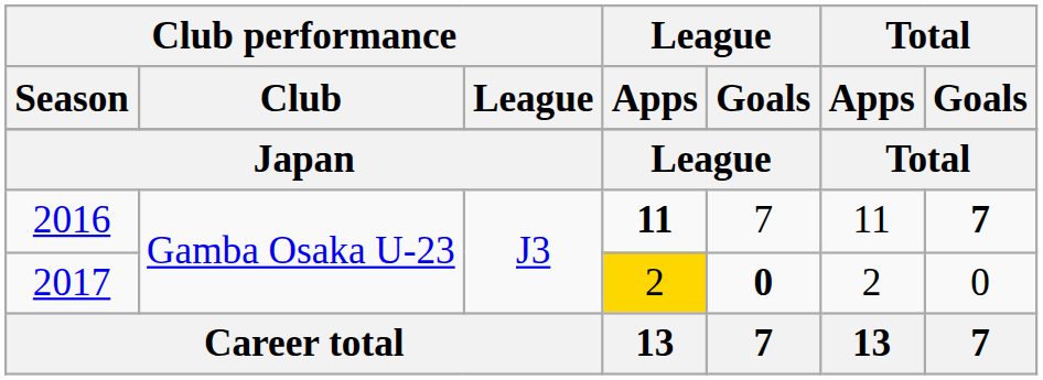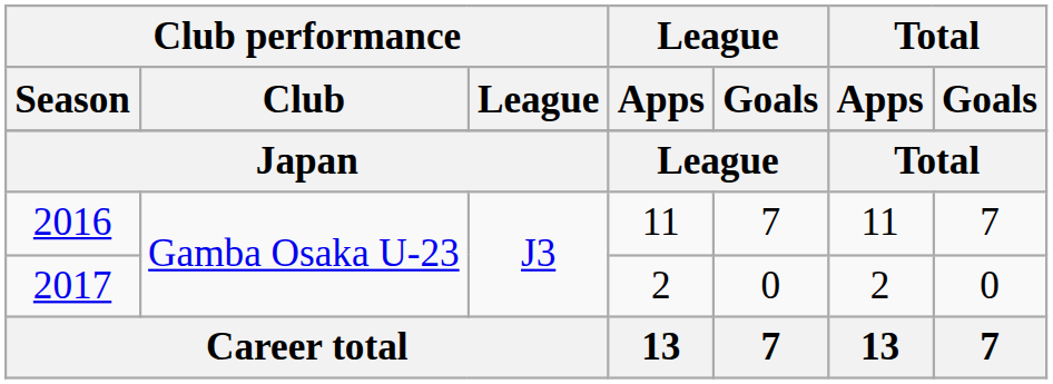 <table class="wikitable" style="text-align:center">
 <tr>
 <th colspan=3>Club performance</th>
 <th colspan=2>League</th>
 <th colspan=2>Total</th>
 </tr>
 <tr>
 <th>Season</th>
 <th>Club</th>
 <th>League</th>
 <th>Apps</th>
 <th>Goals</th>
 <th>Apps</th>
 <th>Goals</th>
 </tr>
 <tr>
 </tr>
 <tr>
 <th colspan=3>Japan</th>
 <th colspan=2>League</th>
 <th colspan=2>Total</th>
 </tr>
 <tr>
 <td><a href='#'>2016</a></td>
 <td rowspan="2"><a href='#'>Gamba Osaka U-23</a></td>
 <td rowspan="2"><a href='#'>J3</a></td>
-<td><strong>11</strong></td>
+<td>11</td>
 <td>7</td>
 <td>11</td>
-<td><strong>7</strong></td>
+<td>7</td>
 </tr>
 <tr>
 <td><a href='#'>2017</a></td>
-<td style="background: gold;">2</td>
-<td><strong>0</strong></td>
+<td>2</td>
+<td>0</td>
 <td>2</td>
 <td>0</td>
 </tr>
 <tr>
 <th colspan=3>Career total</th>
 <th>13</th>
 <th>7</th>
 <th>13</th>
 <th>7</th>
 </tr>
 </table>
